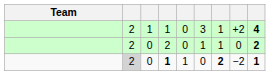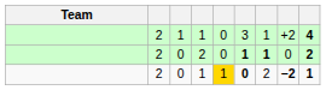 <table class="wikitable" style="text-align:center;">
 <tr>
 <th width=175>Team</th>
 <th width=20></th>
 <th width=20></th>
 <th width=20></th>
 <th width=20></th>
 <th width=20></th>
 <th width=20></th>
 <th width=20></th>
 <th width=20></th>
 </tr>
 <tr bgcolor=ccffcc>
 <td style="text-align:left;"></td>
 <td>2</td>
 <td>1</td>
 <td>1</td>
 <td>0</td>
 <td>3</td>
 <td>1</td>
 <td>+2</td>
 <td><strong>4</strong></td>
 </tr>
 <tr bgcolor=ccffcc>
 <td style="text-align:left;"></td>
 <td>2</td>
 <td>0</td>
 <td>2</td>
 <td>0</td>
-<td>1</td>
-<td>1</td>
+<td><strong>1</strong></td>
+<td><strong>1</strong></td>
 <td>0</td>
 <td><strong>2</strong></td>
 </tr>
 <tr>
 <td style="text-align:left;"></td>
-<td style="background: lightgrey;">2</td>
+<td>2</td>
 <td>0</td>
-<td><strong>1</strong></td>
 <td>1</td>
-<td>0</td>
-<td><strong>2</strong></td>
-<td>−2</td>
+<td style="background: gold;">1</td>
+<td><strong>0</strong></td>
+<td>2</td>
+<td><strong>−2</strong></td>
 <td><strong>1</strong></td>
 </tr>
 </table>
